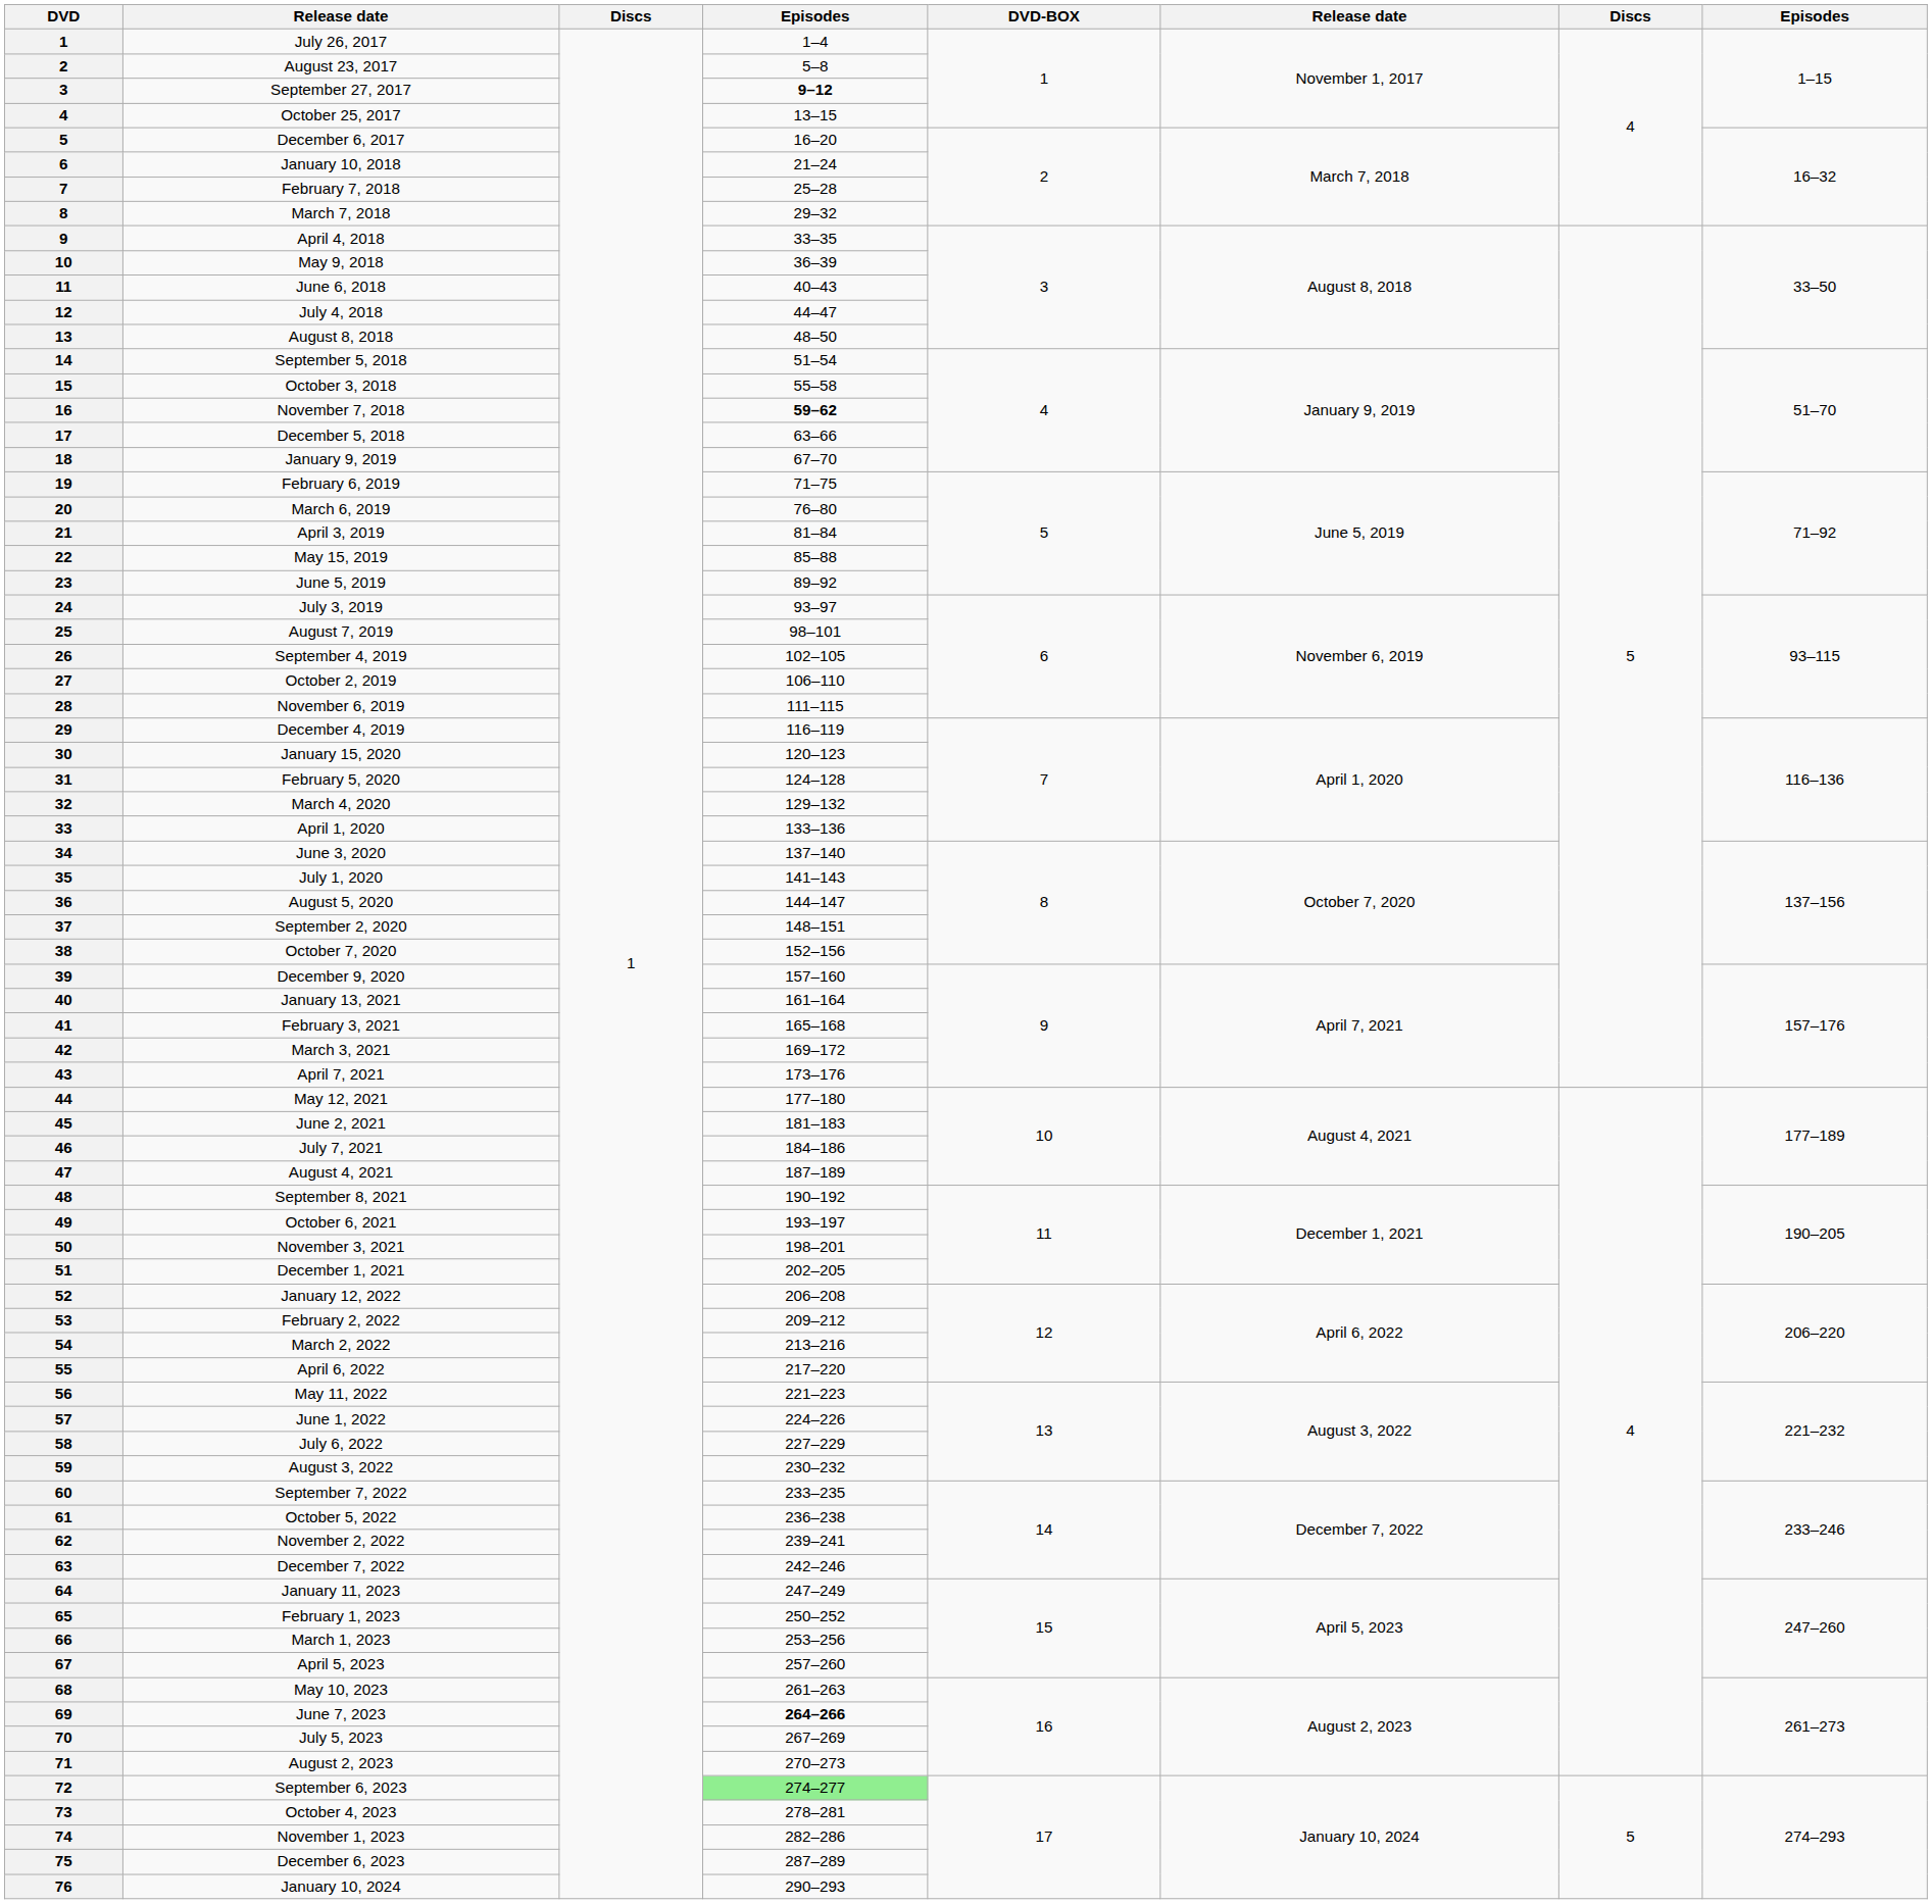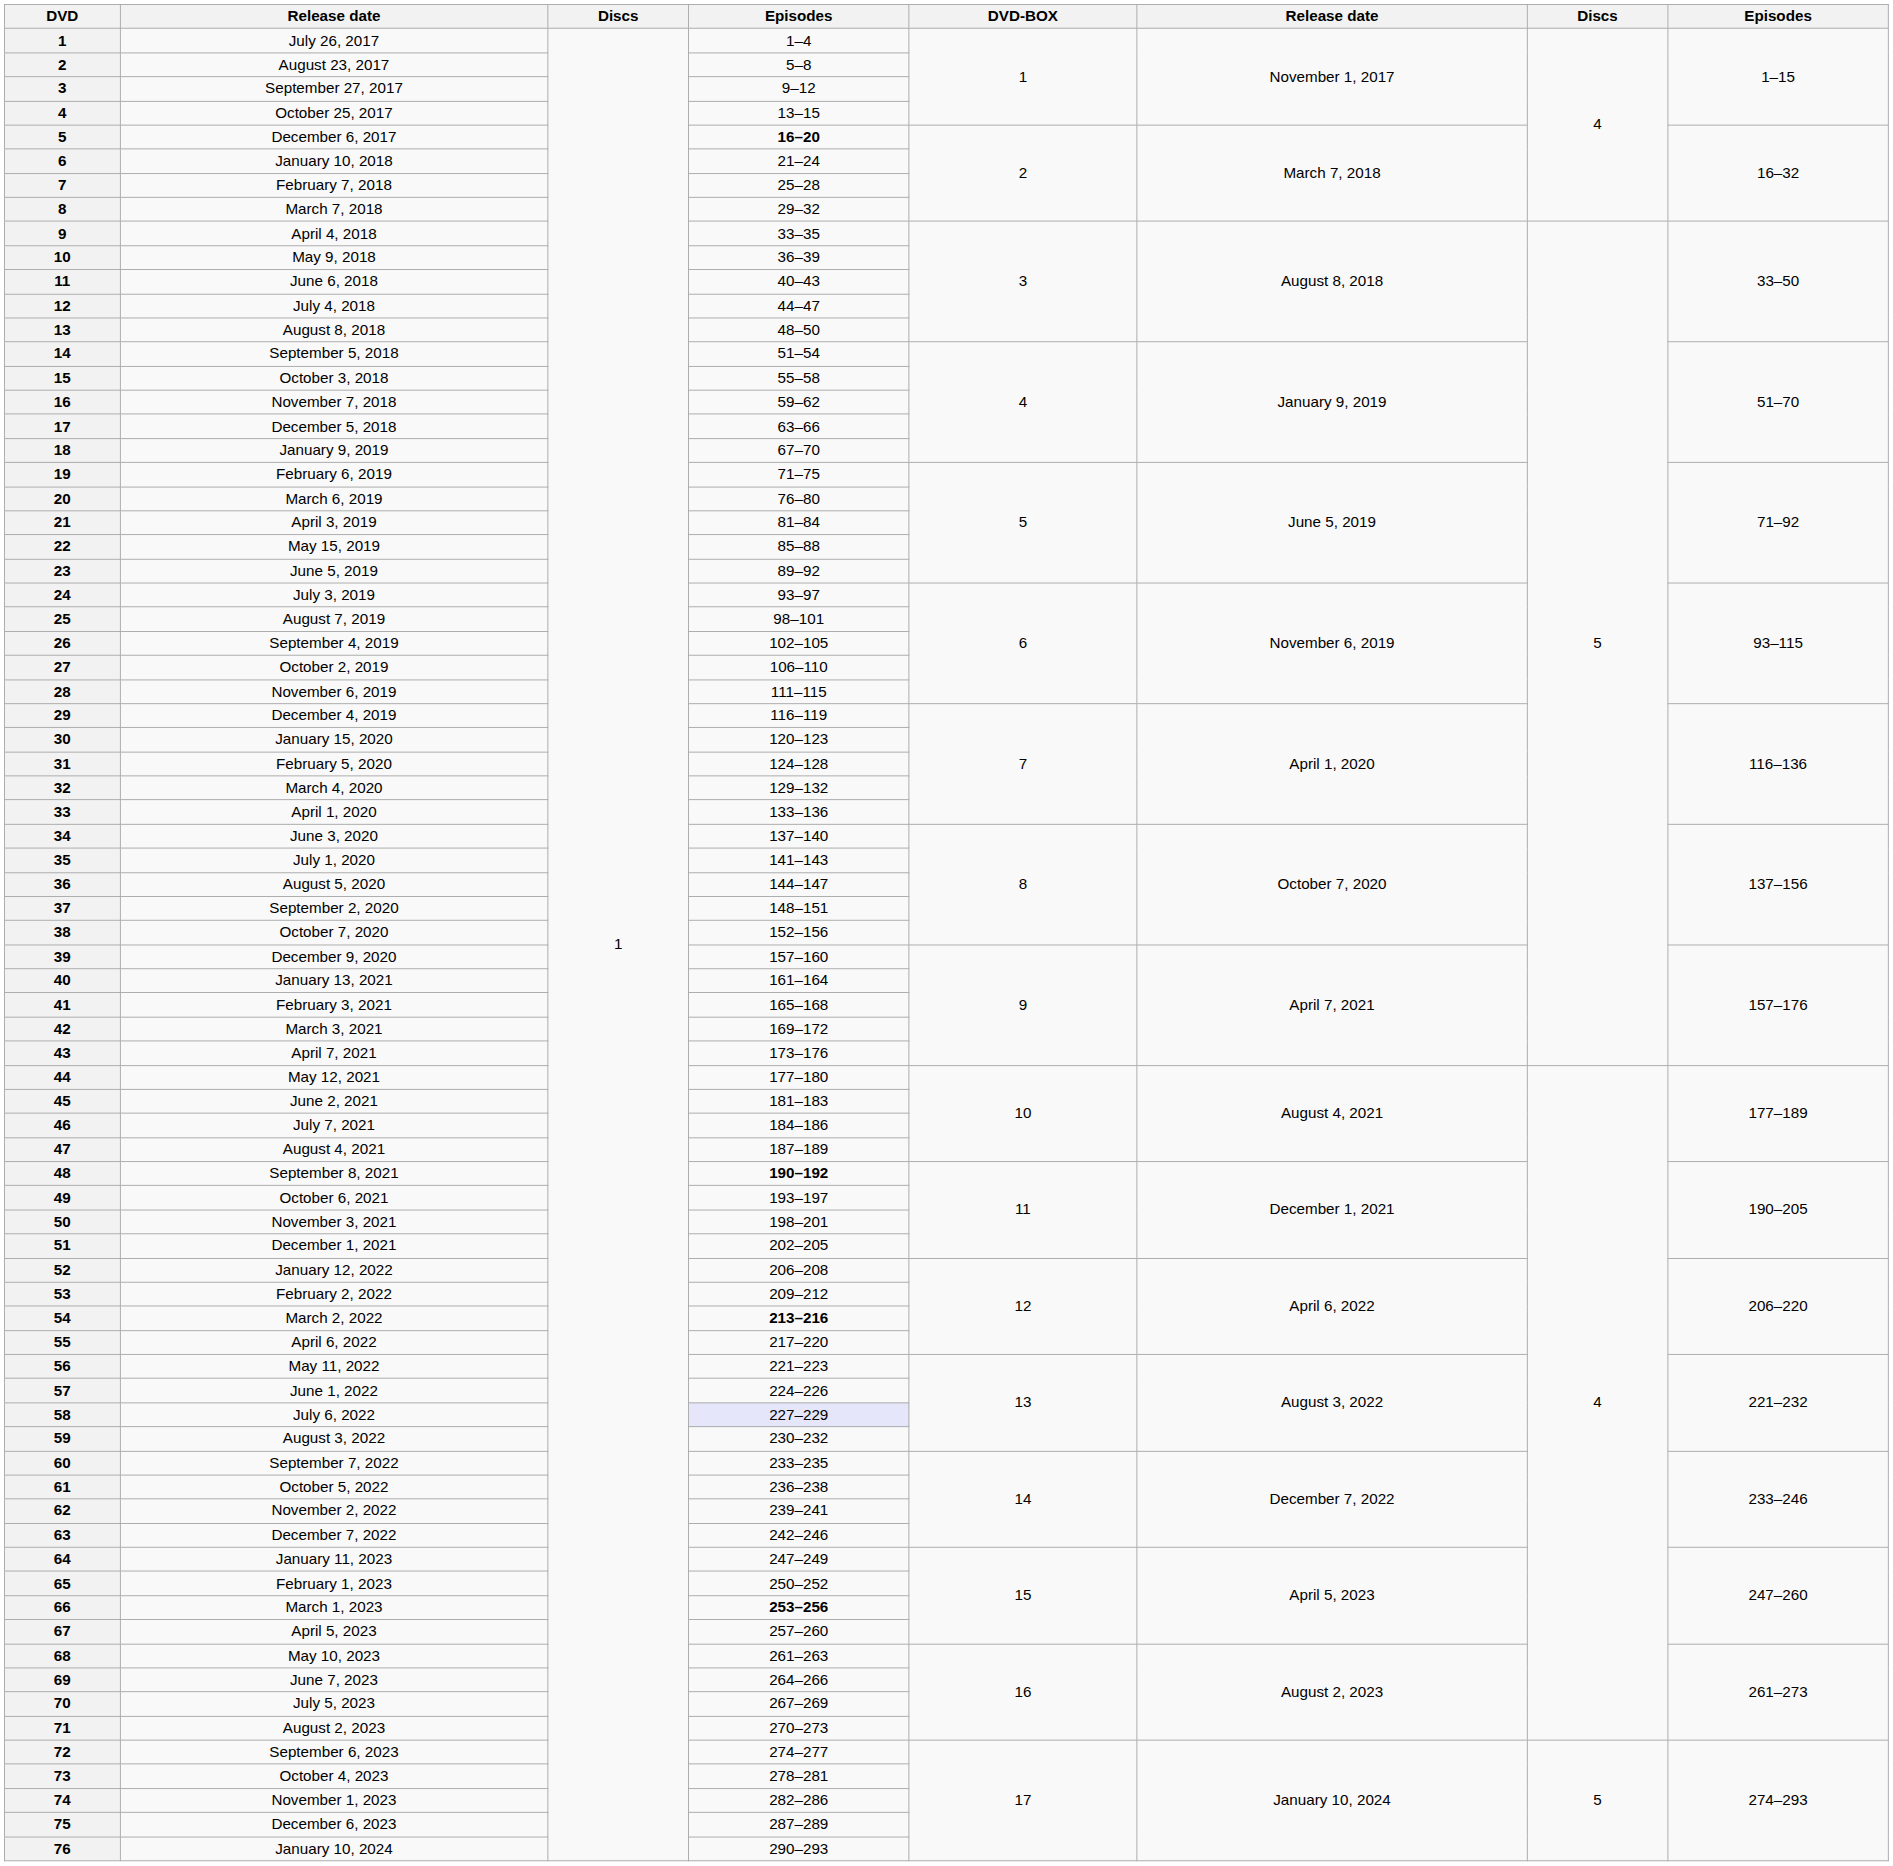 <table class="wikitable" style="text-align: center; width: 100%">
 <tr>
 <th scope="col" 175px;>DVD</th>
 <th scope="col" 125px;>Release date</th>
 <th scope="col">Discs</th>
 <th scope="col">Episodes</th>
 <th scope="col">DVD-BOX</th>
 <th scope="col">Release date</th>
 <th scope="col">Discs</th>
 <th scope="col">Episodes</th>
 </tr>
 <tr>
 <th scope="row">1</th>
 <td>July 26, 2017</td>
 <td rowspan="76">1</td>
 <td>1–4</td>
 <td rowspan="4">1</td>
 <td rowspan="4">November 1, 2017</td>
 <td rowspan="8">4</td>
 <td rowspan="4">1–15</td>
 </tr>
 <tr>
 <th scope="row">2</th>
 <td>August 23, 2017</td>
 <td>5–8</td>
 </tr>
 <tr>
 <th scope="row">3</th>
 <td>September 27, 2017</td>
-<td><strong>9–12</strong></td>
+<td>9–12</td>
 </tr>
 <tr>
 <th scope="row">4</th>
 <td>October 25, 2017</td>
 <td>13–15</td>
 </tr>
 <tr>
 <th scope="row">5</th>
 <td>December 6, 2017</td>
-<td>16–20</td>
+<td><strong>16–20</strong></td>
 <td rowspan="4">2</td>
 <td rowspan="4">March 7, 2018</td>
 <td rowspan="4">16–32</td>
 </tr>
 <tr>
 <th scope="row">6</th>
 <td>January 10, 2018</td>
 <td>21–24</td>
 </tr>
 <tr>
 <th scope="row">7</th>
 <td>February 7, 2018</td>
 <td>25–28</td>
 </tr>
 <tr>
 <th scope="row">8</th>
 <td>March 7, 2018</td>
 <td>29–32</td>
 </tr>
 <tr>
 <th scope="row">9</th>
 <td>April 4, 2018</td>
 <td>33–35</td>
 <td rowspan="5">3</td>
 <td rowspan="5">August 8, 2018</td>
 <td rowspan="35">5</td>
 <td rowspan="5">33–50</td>
 </tr>
 <tr>
 <th scope="row">10</th>
 <td>May 9, 2018</td>
 <td>36–39</td>
 </tr>
 <tr>
 <th scope="row">11</th>
 <td>June 6, 2018</td>
 <td>40–43</td>
 </tr>
 <tr>
 <th scope="row">12</th>
 <td>July 4, 2018</td>
 <td>44–47</td>
 </tr>
 <tr>
 <th scope="row">13</th>
 <td>August 8, 2018</td>
 <td>48–50</td>
 </tr>
 <tr>
 <th scope="row">14</th>
 <td>September 5, 2018</td>
 <td>51–54</td>
 <td rowspan="5">4</td>
 <td rowspan="5">January 9, 2019</td>
 <td rowspan="5">51–70</td>
 </tr>
 <tr>
 <th scope="row">15</th>
 <td>October 3, 2018</td>
 <td>55–58</td>
 </tr>
 <tr>
 <th scope="row">16</th>
 <td>November 7, 2018</td>
-<td><strong>59–62</strong></td>
+<td>59–62</td>
 </tr>
 <tr>
 <th scope="row">17</th>
 <td>December 5, 2018</td>
 <td>63–66</td>
 </tr>
 <tr>
 <th scope="row">18</th>
 <td>January 9, 2019</td>
 <td>67–70</td>
 </tr>
 <tr>
 <th scope="row">19</th>
 <td>February 6, 2019</td>
 <td>71–75</td>
 <td rowspan="5">5</td>
 <td rowspan="5">June 5, 2019</td>
 <td rowspan="5">71–92</td>
 </tr>
 <tr>
 <th scope="row">20</th>
 <td>March 6, 2019</td>
 <td>76–80</td>
 </tr>
 <tr>
 <th scope="row">21</th>
 <td>April 3, 2019</td>
 <td>81–84</td>
 </tr>
 <tr>
 <th scope="row">22</th>
 <td>May 15, 2019</td>
 <td>85–88</td>
 </tr>
 <tr>
 <th scope="row">23</th>
 <td>June 5, 2019</td>
 <td>89–92</td>
 </tr>
 <tr>
 <th scope="row">24</th>
 <td>July 3, 2019</td>
 <td>93–97</td>
 <td rowspan="5">6</td>
 <td rowspan="5">November 6, 2019</td>
 <td rowspan="5">93–115</td>
 </tr>
 <tr>
 <th scope="row">25</th>
 <td>August 7, 2019</td>
 <td>98–101</td>
 </tr>
 <tr>
 <th scope="row">26</th>
 <td>September 4, 2019</td>
 <td>102–105</td>
 </tr>
 <tr>
 <th scope="row">27</th>
 <td>October 2, 2019</td>
 <td>106–110</td>
 </tr>
 <tr>
 <th scope="row">28</th>
 <td>November 6, 2019</td>
 <td>111–115</td>
 </tr>
 <tr>
 <th scope="row">29</th>
 <td>December 4, 2019</td>
 <td>116–119</td>
 <td rowspan="5">7</td>
 <td rowspan="5">April 1, 2020</td>
 <td rowspan="5">116–136</td>
 </tr>
 <tr>
 <th scope="row">30</th>
 <td>January 15, 2020</td>
 <td>120–123</td>
 </tr>
 <tr>
 <th scope="row">31</th>
 <td>February 5, 2020</td>
 <td>124–128</td>
 </tr>
 <tr>
 <th scope="row">32</th>
 <td>March 4, 2020</td>
 <td>129–132</td>
 </tr>
 <tr>
 <th scope="row">33</th>
 <td>April 1, 2020</td>
 <td>133–136</td>
 </tr>
 <tr>
 <th scope="row">34</th>
 <td>June 3, 2020</td>
 <td>137–140</td>
 <td rowspan="5">8</td>
 <td rowspan="5">October 7, 2020</td>
 <td rowspan="5">137–156</td>
 </tr>
 <tr>
 <th scope="row">35</th>
 <td>July 1, 2020</td>
 <td>141–143</td>
 </tr>
 <tr>
 <th scope="row">36</th>
 <td>August 5, 2020</td>
 <td>144–147</td>
 </tr>
 <tr>
 <th scope="row">37</th>
 <td>September 2, 2020</td>
 <td>148–151</td>
 </tr>
 <tr>
 <th scope="row">38</th>
 <td>October 7, 2020</td>
 <td>152–156</td>
 </tr>
 <tr>
 <th scope="row">39</th>
 <td>December 9, 2020</td>
 <td>157–160</td>
 <td rowspan="5">9</td>
 <td rowspan="5">April 7, 2021</td>
 <td rowspan="5">157–176</td>
 </tr>
 <tr>
 <th scope="row">40</th>
 <td>January 13, 2021</td>
 <td>161–164</td>
 </tr>
 <tr>
 <th scope="row">41</th>
 <td>February 3, 2021</td>
 <td>165–168</td>
 </tr>
 <tr>
 <th scope="row">42</th>
 <td>March 3, 2021</td>
 <td>169–172</td>
 </tr>
 <tr>
 <th scope="row">43</th>
 <td>April 7, 2021</td>
 <td>173–176</td>
 </tr>
 <tr>
 <th scope="row">44</th>
 <td>May 12, 2021</td>
 <td>177–180</td>
 <td rowspan="4">10</td>
 <td rowspan="4">August 4, 2021</td>
 <td rowspan="28">4</td>
 <td rowspan="4">177–189</td>
 </tr>
 <tr>
 <th scope="row">45</th>
 <td>June 2, 2021</td>
 <td>181–183</td>
 </tr>
 <tr>
 <th scope="row">46</th>
 <td>July 7, 2021</td>
 <td>184–186</td>
 </tr>
 <tr>
 <th scope="row">47</th>
 <td>August 4, 2021</td>
 <td>187–189</td>
 </tr>
 <tr>
 <th scope="row">48</th>
 <td>September 8, 2021</td>
-<td>190–192</td>
+<td><strong>190–192</strong></td>
 <td rowspan="4">11</td>
 <td rowspan="4">December 1, 2021</td>
 <td rowspan="4">190–205</td>
 </tr>
 <tr>
 <th scope="row">49</th>
 <td>October 6, 2021</td>
 <td>193–197</td>
 </tr>
 <tr>
 <th scope="row">50</th>
 <td>November 3, 2021</td>
 <td>198–201</td>
 </tr>
 <tr>
 <th scope="row">51</th>
 <td>December 1, 2021</td>
 <td>202–205</td>
 </tr>
 <tr>
 <th scope="row">52</th>
 <td>January 12, 2022</td>
 <td>206–208</td>
 <td rowspan="4">12</td>
 <td rowspan="4">April 6, 2022</td>
 <td rowspan="4">206–220</td>
 </tr>
 <tr>
 <th scope="row">53</th>
 <td>February 2, 2022</td>
 <td>209–212</td>
 </tr>
 <tr>
 <th scope="row">54</th>
 <td>March 2, 2022</td>
-<td>213–216</td>
+<td><strong>213–216</strong></td>
 </tr>
 <tr>
 <th scope="row">55</th>
 <td>April 6, 2022</td>
 <td>217–220</td>
 </tr>
 <tr>
 <th scope="row">56</th>
 <td>May 11, 2022</td>
 <td>221–223</td>
 <td rowspan="4">13</td>
 <td rowspan="4">August 3, 2022</td>
 <td rowspan="4">221–232</td>
 </tr>
 <tr>
 <th scope="row">57</th>
 <td>June 1, 2022</td>
 <td>224–226</td>
 </tr>
 <tr>
 <th scope="row">58</th>
 <td>July 6, 2022</td>
-<td>227–229</td>
+<td style="background: lavender;">227–229</td>
 </tr>
 <tr>
 <th scope="row">59</th>
 <td>August 3, 2022</td>
 <td>230–232</td>
 </tr>
 <tr>
 <th scope="row">60</th>
 <td>September 7, 2022</td>
 <td>233–235</td>
 <td rowspan="4">14</td>
 <td rowspan="4">December 7, 2022</td>
 <td rowspan="4">233–246</td>
 </tr>
 <tr>
 <th scope="row">61</th>
 <td>October 5, 2022</td>
 <td>236–238</td>
 </tr>
 <tr>
 <th scope="row">62</th>
 <td>November 2, 2022</td>
 <td>239–241</td>
 </tr>
 <tr>
 <th scope="row">63</th>
 <td>December 7, 2022</td>
 <td>242–246</td>
 </tr>
 <tr>
 <th scope="row">64</th>
 <td>January 11, 2023</td>
 <td>247–249</td>
 <td rowspan="4">15</td>
 <td rowspan="4">April 5, 2023</td>
 <td rowspan="4">247–260</td>
 </tr>
 <tr>
 <th scope="row">65</th>
 <td>February 1, 2023</td>
 <td>250–252</td>
 </tr>
 <tr>
 <th scope="row">66</th>
 <td>March 1, 2023</td>
-<td>253–256</td>
+<td><strong>253–256</strong></td>
 </tr>
 <tr>
 <th scope="row">67</th>
 <td>April 5, 2023</td>
 <td>257–260</td>
 </tr>
 <tr>
 <th scope="row">68</th>
 <td>May 10, 2023</td>
 <td>261–263</td>
 <td rowspan="4">16</td>
 <td rowspan="4">August 2, 2023</td>
 <td rowspan="4">261–273</td>
 </tr>
 <tr>
 <th scope="row">69</th>
 <td>June 7, 2023</td>
-<td><strong>264–266</strong></td>
+<td>264–266</td>
 </tr>
 <tr>
 <th scope="row">70</th>
 <td>July 5, 2023</td>
 <td>267–269</td>
 </tr>
 <tr>
 <th scope="row">71</th>
 <td>August 2, 2023</td>
 <td>270–273</td>
 </tr>
 <tr>
 <th scope="row">72</th>
 <td>September 6, 2023</td>
-<td style="background: lightgreen;">274–277</td>
+<td>274–277</td>
 <td rowspan="5">17</td>
 <td rowspan="5">January 10, 2024</td>
 <td rowspan="5">5</td>
 <td rowspan="5">274–293</td>
 </tr>
 <tr>
 <th scope="row">73</th>
 <td>October 4, 2023</td>
 <td>278–281</td>
 </tr>
 <tr>
 <th scope="row">74</th>
 <td>November 1, 2023</td>
 <td>282–286</td>
 </tr>
 <tr>
 <th scope="row">75</th>
 <td>December 6, 2023</td>
 <td>287–289</td>
 </tr>
 <tr>
 <th scope="row">76</th>
 <td>January 10, 2024</td>
 <td>290–293</td>
 </tr>
 </table>
